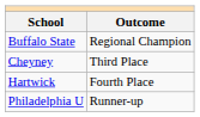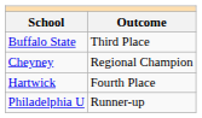 <table class="wikitable" style="float:left; margin-right:1em;">
 <tr>
 <th colspan="3" style="background:#ffdead;"></th>
 </tr>
 <tr>
 <th>School</th>
 <th>Outcome</th>
 </tr>
 <tr>
 <td><a href='#'>Buffalo State</a></td>
-<td>Regional Champion</td>
+<td>Third Place</td>
 </tr>
 <tr>
 <td><a href='#'>Cheyney</a></td>
-<td>Third Place</td>
+<td>Regional Champion</td>
 </tr>
 <tr>
 <td><a href='#'>Hartwick</a></td>
 <td>Fourth Place</td>
 </tr>
 <tr>
 <td><a href='#'>Philadelphia U</a></td>
 <td>Runner-up</td>
 </tr>
 </table>
